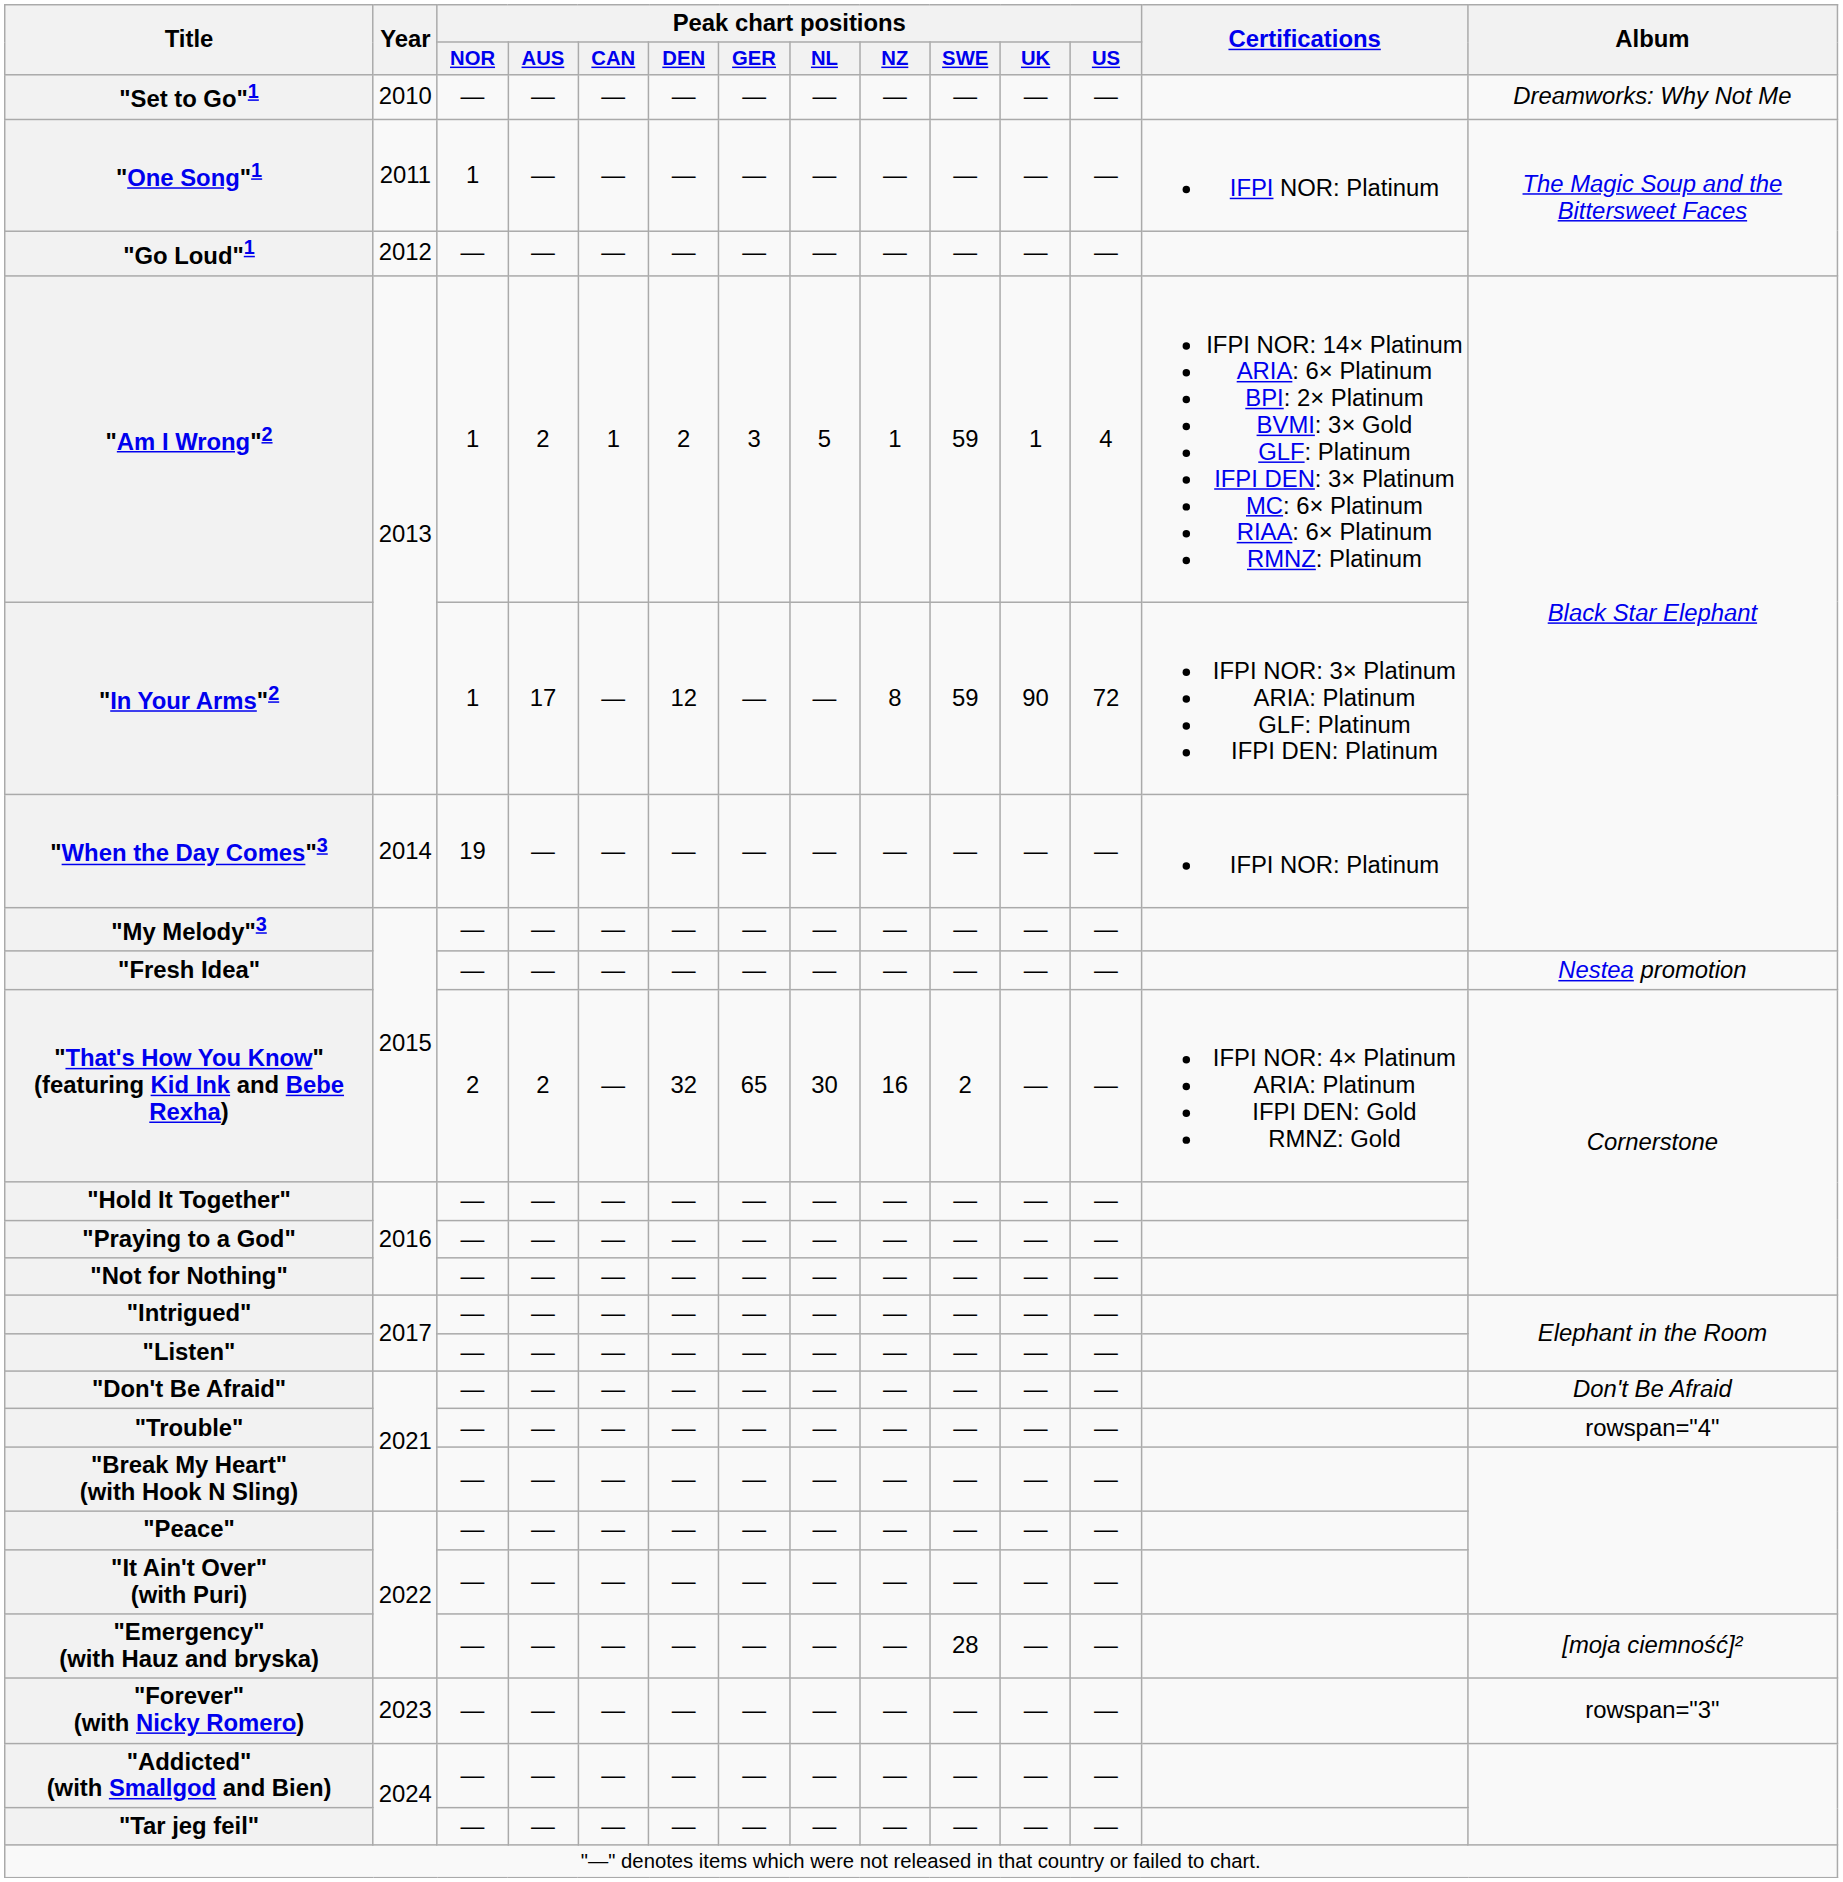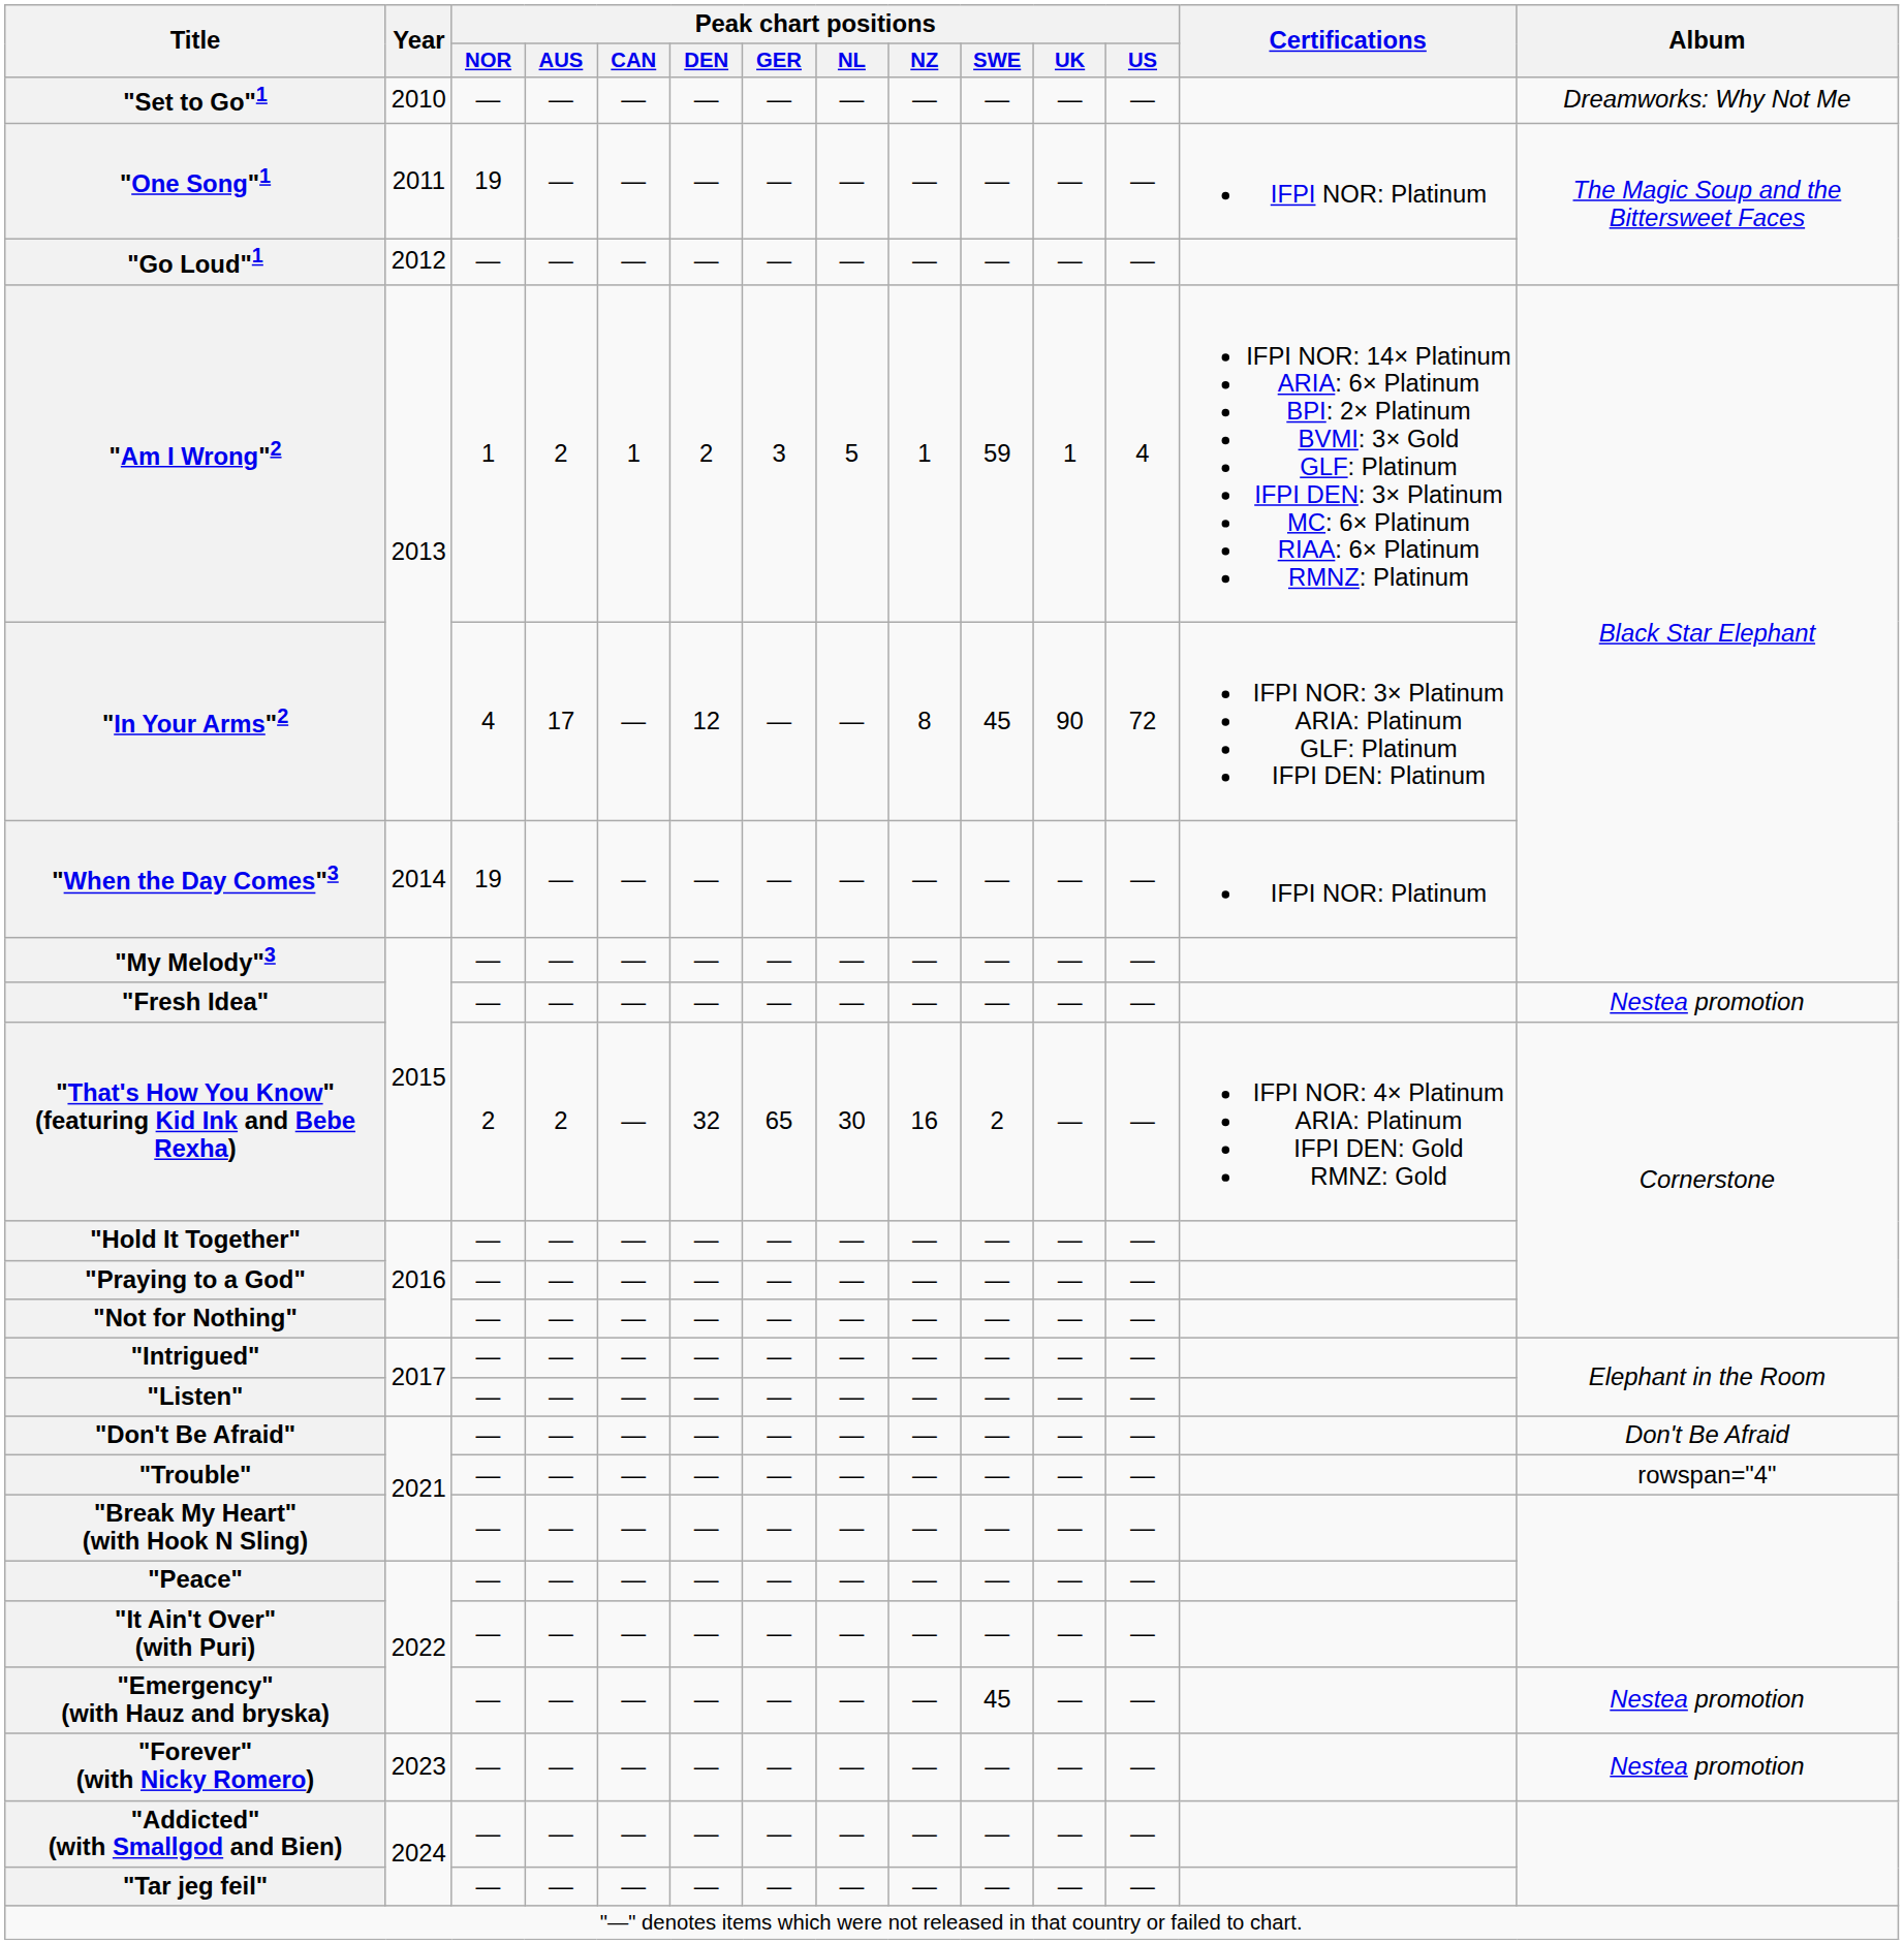 <table class="wikitable plainrowheaders" style="text-align:center;">
 <tr>
 <th scope="col" rowspan="2" style="width:15em;">Title</th>
 <th scope="col" rowspan="2">Year</th>
 <th scope="col" colspan="10">Peak chart positions</th>
 <th scope="col" rowspan="2"><a href='#'>Certifications</a></th>
 <th scope="col" rowspan="2" style="width:15em;">Album</th>
 </tr>
 <tr>
 <th scope="col" style="width:3em;font-size:85%;"><a href='#'>NOR</a><br></th>
 <th scope="col" style="width:3em;font-size:85%;"><a href='#'>AUS</a><br></th>
 <th scope="col" style="width:3em;font-size:85%;"><a href='#'>CAN</a><br></th>
 <th scope="col" style="width:3em;font-size:85%;"><a href='#'>DEN</a><br></th>
 <th scope="col" style="width:3em;font-size:85%;"><a href='#'>GER</a><br></th>
 <th scope="col" style="width:3em;font-size:85%;"><a href='#'>NL</a><br></th>
 <th scope="col" style="width:3em;font-size:85%;"><a href='#'>NZ</a><br></th>
 <th scope="col" style="width:3em;font-size:85%;"><a href='#'>SWE</a><br></th>
 <th scope="col" style="width:3em;font-size:85%;"><a href='#'>UK</a><br></th>
 <th scope="col" style="width:3em;font-size:85%;"><a href='#'>US</a><br></th>
 </tr>
 <tr>
 <th scope="row">"Set to Go"<sup><a href='#'>1</a></sup></th>
 <td>2010</td>
 <td>—</td>
 <td>—</td>
 <td>—</td>
 <td>—</td>
 <td>—</td>
 <td>—</td>
 <td>—</td>
 <td>—</td>
 <td>—</td>
 <td>—</td>
 <td></td>
 <td><em>Dreamworks: Why Not Me</em></td>
 </tr>
 <tr>
 <th scope="row">"<a href='#'>One Song</a>"<sup><a href='#'>1</a></sup></th>
 <td>2011</td>
-<td>1</td>
+<td>19</td>
 <td>—</td>
 <td>—</td>
 <td>—</td>
 <td>—</td>
 <td>—</td>
 <td>—</td>
 <td>—</td>
 <td>—</td>
 <td>—</td>
 <td><br><ul><li><a href='#'>IFPI</a> NOR: Platinum</li></ul></td>
 <td rowspan=2><em><a href='#'>The Magic Soup and the Bittersweet Faces</a></em></td>
 </tr>
 <tr>
 <th scope="row">"Go Loud"<sup><a href='#'>1</a></sup></th>
 <td>2012</td>
 <td>—</td>
 <td>—</td>
 <td>—</td>
 <td>—</td>
 <td>—</td>
 <td>—</td>
 <td>—</td>
 <td>—</td>
 <td>—</td>
 <td>—</td>
 <td></td>
 </tr>
 <tr>
 <th scope="row">"<a href='#'>Am I Wrong</a>"<sup><a href='#'>2</a></sup></th>
 <td rowspan="2">2013</td>
 <td>1</td>
 <td>2</td>
 <td>1</td>
 <td>2</td>
 <td>3</td>
 <td>5</td>
 <td>1</td>
 <td>59</td>
 <td>1</td>
 <td>4</td>
 <td><br><ul><li>IFPI NOR: 14× Platinum</li><li><a href='#'>ARIA</a>: 6× Platinum</li><li><a href='#'>BPI</a>: 2× Platinum</li><li><a href='#'>BVMI</a>: 3× Gold</li><li><a href='#'>GLF</a>: Platinum</li><li><a href='#'>IFPI DEN</a>: 3× Platinum</li><li><a href='#'>MC</a>: 6× Platinum</li><li><a href='#'>RIAA</a>: 6× Platinum</li><li><a href='#'>RMNZ</a>: Platinum</li></ul></td>
 <td rowspan="4"><em><a href='#'>Black Star Elephant</a></em></td>
 </tr>
 <tr>
 <th scope="row">"<a href='#'>In Your Arms</a>"<sup><a href='#'>2</a></sup></th>
-<td>1</td>
+<td>4</td>
 <td>17</td>
 <td>—</td>
 <td>12</td>
 <td>—</td>
 <td>—</td>
 <td>8</td>
-<td>59</td>
+<td>45</td>
 <td>90</td>
 <td>72</td>
 <td><br><ul><li>IFPI NOR: 3× Platinum</li><li>ARIA: Platinum</li><li>GLF: Platinum</li><li>IFPI DEN: Platinum</li></ul></td>
 </tr>
 <tr>
 <th scope="row">"<a href='#'>When the Day Comes</a>"<sup><a href='#'>3</a></sup></th>
 <td>2014</td>
 <td>19</td>
 <td>—</td>
 <td>—</td>
 <td>—</td>
 <td>—</td>
 <td>—</td>
 <td>—</td>
 <td>—</td>
 <td>—</td>
 <td>—</td>
 <td><br><ul><li>IFPI NOR: Platinum</li></ul></td>
 </tr>
 <tr>
 <th scope="row">"My Melody"<sup><a href='#'>3</a></sup></th>
 <td rowspan="3">2015</td>
 <td>—</td>
 <td>—</td>
 <td>—</td>
 <td>—</td>
 <td>—</td>
 <td>—</td>
 <td>—</td>
 <td>—</td>
 <td>—</td>
 <td>—</td>
 <td></td>
 </tr>
 <tr>
 <th scope="row">"Fresh Idea"</th>
 <td>—</td>
 <td>—</td>
 <td>—</td>
 <td>—</td>
 <td>—</td>
 <td>—</td>
 <td>—</td>
 <td>—</td>
 <td>—</td>
 <td>—</td>
 <td></td>
 <td><em><a href='#'>Nestea</a> promotion</em></td>
 </tr>
 <tr>
 <th scope="row">"<a href='#'>That's How You Know</a>"<br><span>(featuring <a href='#'>Kid Ink</a> and <a href='#'>Bebe Rexha</a>)</span></th>
 <td>2</td>
 <td>2</td>
 <td>—</td>
 <td>32</td>
 <td>65</td>
 <td>30</td>
 <td>16</td>
 <td>2</td>
 <td>—</td>
 <td>—</td>
 <td><br><ul><li>IFPI NOR: 4× Platinum</li><li>ARIA: Platinum</li><li>IFPI DEN: Gold</li><li>RMNZ: Gold</li></ul></td>
 <td rowspan="4"><em>Cornerstone</em></td>
 </tr>
 <tr>
 <th scope="row">"Hold It Together"</th>
 <td rowspan="3">2016</td>
 <td>—</td>
 <td>—</td>
 <td>—</td>
 <td>—</td>
 <td>—</td>
 <td>—</td>
 <td>—</td>
 <td>—</td>
 <td>—</td>
 <td>—</td>
 <td></td>
 </tr>
 <tr>
 <th scope="row">"Praying to a God"</th>
 <td>—</td>
 <td>—</td>
 <td>—</td>
 <td>—</td>
 <td>—</td>
 <td>—</td>
 <td>—</td>
 <td>—</td>
 <td>—</td>
 <td>—</td>
 <td></td>
 </tr>
 <tr>
 <th scope="row">"Not for Nothing"</th>
 <td>—</td>
 <td>—</td>
 <td>—</td>
 <td>—</td>
 <td>—</td>
 <td>—</td>
 <td>—</td>
 <td>—</td>
 <td>—</td>
 <td>—</td>
 <td></td>
 </tr>
 <tr>
 <th scope="row">"Intrigued"</th>
 <td rowspan="2">2017</td>
 <td>—</td>
 <td>—</td>
 <td>—</td>
 <td>—</td>
 <td>—</td>
 <td>—</td>
 <td>—</td>
 <td>—</td>
 <td>—</td>
 <td>—</td>
 <td></td>
 <td rowspan="2"><em>Elephant in the Room</em></td>
 </tr>
 <tr>
 <th scope="row">"Listen"</th>
 <td>—</td>
 <td>—</td>
 <td>—</td>
 <td>—</td>
 <td>—</td>
 <td>—</td>
 <td>—</td>
 <td>—</td>
 <td>—</td>
 <td>—</td>
 <td></td>
 </tr>
 <tr>
 <th scope="row">"Don't Be Afraid"</th>
 <td rowspan="3">2021</td>
 <td>—</td>
 <td>—</td>
 <td>—</td>
 <td>—</td>
 <td>—</td>
 <td>—</td>
 <td>—</td>
 <td>—</td>
 <td>—</td>
 <td>—</td>
 <td></td>
 <td><em>Don't Be Afraid</em></td>
 </tr>
 <tr>
 <th scope="row">"Trouble"</th>
 <td>—</td>
 <td>—</td>
 <td>—</td>
 <td>—</td>
 <td>—</td>
 <td>—</td>
 <td>—</td>
 <td>—</td>
 <td>—</td>
 <td>—</td>
 <td></td>
 <td>rowspan="4" </td>
 </tr>
 <tr>
 <th scope="row">"Break My Heart"<br><span>(with Hook N Sling)</span></th>
 <td>—</td>
 <td>—</td>
 <td>—</td>
 <td>—</td>
 <td>—</td>
 <td>—</td>
 <td>—</td>
 <td>—</td>
 <td>—</td>
 <td>—</td>
 <td></td>
 </tr>
 <tr>
 <th scope="row">"Peace"</th>
 <td rowspan="3">2022</td>
 <td>—</td>
 <td>—</td>
 <td>—</td>
 <td>—</td>
 <td>—</td>
 <td>—</td>
 <td>—</td>
 <td>—</td>
 <td>—</td>
 <td>—</td>
 <td></td>
 </tr>
 <tr>
 <th scope="row">"It Ain't Over"<br><span>(with Puri)</span></th>
 <td>—</td>
 <td>—</td>
 <td>—</td>
 <td>—</td>
 <td>—</td>
 <td>—</td>
 <td>—</td>
 <td>—</td>
 <td>—</td>
 <td>—</td>
 <td></td>
 </tr>
 <tr>
 <th scope="row">"Emergency"<br><span>(with Hauz and bryska)</span></th>
 <td>—</td>
 <td>—</td>
 <td>—</td>
 <td>—</td>
 <td>—</td>
 <td>—</td>
 <td>—</td>
-<td>28</td>
+<td>45</td>
 <td>—</td>
 <td>—</td>
 <td></td>
-<td><em>[moja ciemność]²</em></td>
+<td><em><a href='#'>Nestea</a> promotion</em></td>
 </tr>
 <tr>
 <th scope="row">"Forever"<br><span>(with <a href='#'>Nicky Romero</a>)</span></th>
 <td>2023</td>
 <td>—</td>
 <td>—</td>
 <td>—</td>
 <td>—</td>
 <td>—</td>
 <td>—</td>
 <td>—</td>
 <td>—</td>
 <td>—</td>
 <td>—</td>
 <td></td>
-<td>rowspan="3" </td>
+<td><em><a href='#'>Nestea</a> promotion</em></td>
 </tr>
 <tr>
 <th scope="row">"Addicted"<br><span>(with <a href='#'>Smallgod</a> and Bien)</span></th>
 <td rowspan="2">2024</td>
 <td>—</td>
 <td>—</td>
 <td>—</td>
 <td>—</td>
 <td>—</td>
 <td>—</td>
 <td>—</td>
 <td>—</td>
 <td>—</td>
 <td>—</td>
 <td></td>
 </tr>
 <tr>
 <th scope="row">"Tar jeg feil"</th>
 <td>—</td>
 <td>—</td>
 <td>—</td>
 <td>—</td>
 <td>—</td>
 <td>—</td>
 <td>—</td>
 <td>—</td>
 <td>—</td>
 <td>—</td>
 <td></td>
 </tr>
 <tr>
 <td colspan="20" style="font-size:85%;">"—" denotes items which were not released in that country or failed to chart.</td>
 </tr>
 </table>
